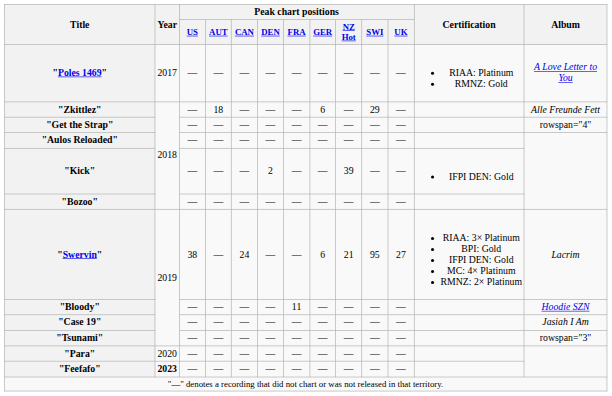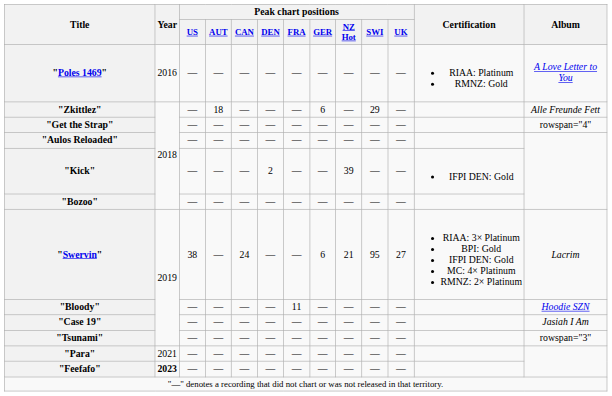 <table class="wikitable plainrowheaders" style="text-align:center;">
 <tr>
 <th scope="col" rowspan="2" style="width:15em;">Title</th>
 <th scope="col" rowspan="2" style="width:1em;">Year</th>
 <th scope="col" colspan="9">Peak chart positions</th>
 <th scope="col" rowspan="2">Certification</th>
 <th scope="col" rowspan="2" style="width:8em;">Album</th>
 </tr>
 <tr>
 <th scope="col" style="width:2.5em;font-size:90%;"><a href='#'>US</a><br></th>
 <th scope="col" style="width:2.5em;font-size:90%;"><a href='#'>AUT</a><br></th>
 <th scope="col" style="width:2.5em;font-size:90%;"><a href='#'>CAN</a><br></th>
 <th scope="col" style="width:2.5em;font-size:90%;"><a href='#'>DEN</a><br></th>
 <th scope="col" style="width:2.5em;font-size:90%;"><a href='#'>FRA</a><br></th>
 <th scope="col" style="width:2.5em;font-size:90%;"><a href='#'>GER</a><br></th>
 <th scope="col" style="width:2.5em;font-size:90%;"><a href='#'>NZ<br>Hot</a><br></th>
 <th scope="col" style="width:2.5em;font-size:90%;"><a href='#'>SWI</a><br></th>
 <th scope="col" style="width:2.5em;font-size:90%;"><a href='#'>UK</a><br></th>
 </tr>
 <tr>
 <th scope="row">"<a href='#'>Poles 1469</a>"<br></th>
-<td>2017</td>
+<td>2016</td>
 <td>—</td>
 <td>—</td>
 <td>—</td>
 <td>—</td>
 <td>—</td>
 <td>—</td>
 <td>—</td>
 <td>—</td>
 <td>—</td>
 <td><br><ul><li>RIAA: Platinum</li><li>RMNZ: Gold</li></ul></td>
 <td><em><a href='#'>A Love Letter to You</a></em></td>
 </tr>
 <tr>
 <th scope="row">"Zkittlez"<br></th>
 <td rowspan="5">2018</td>
 <td>—</td>
 <td>18</td>
 <td>—</td>
 <td>—</td>
 <td>—</td>
 <td>6</td>
 <td>—</td>
 <td>29</td>
 <td>—</td>
 <td></td>
 <td><em>Alle Freunde Fett</em></td>
 </tr>
 <tr>
 <th scope="row">"Get the Strap"<br></th>
 <td>—</td>
 <td>—</td>
 <td>—</td>
 <td>—</td>
 <td>—</td>
 <td>—</td>
 <td>—</td>
 <td>—</td>
 <td>—</td>
 <td></td>
 <td>rowspan="4" </td>
 </tr>
 <tr>
 <th scope="row">"Aulos Reloaded"<br></th>
 <td>—</td>
 <td>—</td>
 <td>—</td>
 <td>—</td>
 <td>—</td>
 <td>—</td>
 <td>—</td>
 <td>—</td>
 <td>—</td>
 <td></td>
 </tr>
 <tr>
 <th scope="row">"Kick"<br></th>
 <td>—</td>
 <td>—</td>
 <td>—</td>
 <td>2</td>
 <td>—</td>
 <td>—</td>
 <td>39</td>
 <td>—</td>
 <td>—</td>
 <td><br><ul><li>IFPI DEN: Gold</li></ul></td>
 </tr>
 <tr>
 <th scope="row">"Bozoo"<br></th>
 <td>—</td>
 <td>—</td>
 <td>—</td>
 <td>—</td>
 <td>—</td>
 <td>—</td>
 <td>—</td>
 <td>—</td>
 <td>—</td>
 <td></td>
 </tr>
 <tr>
 <th scope="row">"<a href='#'>Swervin</a>"<br></th>
 <td rowspan="4">2019</td>
 <td>38</td>
 <td>—</td>
 <td>24</td>
 <td>—</td>
 <td>—</td>
 <td>6</td>
 <td>21</td>
 <td>95</td>
 <td>27</td>
 <td><br><ul><li>RIAA: 3× Platinum</li><li>BPI: Gold</li><li>IFPI DEN: Gold</li><li>MC: 4× Platinum</li><li>RMNZ: 2× Platinum</li></ul></td>
 <td><em>Lacrim</em></td>
 </tr>
 <tr>
 <th scope="row">"Bloody"<br></th>
 <td>—</td>
 <td>—</td>
 <td>—</td>
 <td>—</td>
 <td>11</td>
 <td>—</td>
 <td>—</td>
 <td>—</td>
 <td>—</td>
 <td></td>
 <td><em><a href='#'>Hoodie SZN</a></em></td>
 </tr>
 <tr>
 <th scope="row">"Case 19"<br></th>
 <td>—</td>
 <td>—</td>
 <td>—</td>
 <td>—</td>
 <td>—</td>
 <td>—</td>
 <td>—</td>
 <td>—</td>
 <td>—</td>
 <td></td>
 <td><em>Jasiah I Am</em></td>
 </tr>
 <tr>
 <th scope="row">"Tsunami"<br></th>
 <td>—</td>
 <td>—</td>
 <td>—</td>
 <td>—</td>
 <td>—</td>
 <td>—</td>
 <td>—</td>
 <td>—</td>
 <td>—</td>
 <td></td>
 <td>rowspan="3" </td>
 </tr>
 <tr>
 <th scope="row">"Para"<br></th>
-<td>2020</td>
+<td>2021</td>
 <td>—</td>
 <td>—</td>
 <td>—</td>
 <td>—</td>
 <td>—</td>
 <td>—</td>
 <td>—</td>
 <td>—</td>
 <td>—</td>
 <td></td>
 </tr>
 <tr>
 <th scope="row">"Feefafo"<br></th>
 <td><strong>2023</strong></td>
 <td>—</td>
 <td>—</td>
 <td>—</td>
 <td>—</td>
 <td>—</td>
 <td>—</td>
 <td>—</td>
 <td>—</td>
 <td>—</td>
 <td></td>
 </tr>
 <tr>
 <td colspan="14" style="font-size:90%">"—" denotes a recording that did not chart or was not released in that territory.</td>
 </tr>
 </table>
